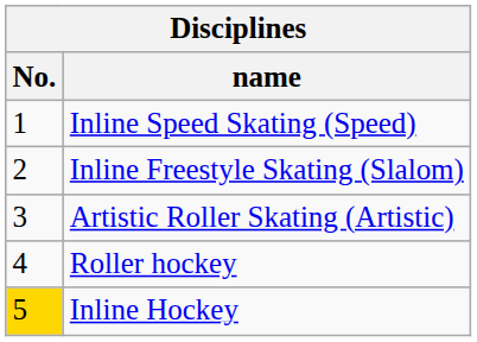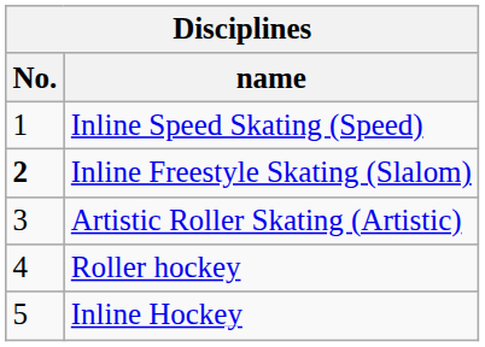 <table class="wikitable">
 <tr>
 <th colspan="2">Disciplines</th>
 </tr>
 <tr>
 <th>No.</th>
 <th>name</th>
 </tr>
 <tr>
 <td>1</td>
 <td><a href='#'>Inline Speed Skating (Speed)</a></td>
 </tr>
 <tr>
-<td>2</td>
+<td><strong>2</strong></td>
 <td><a href='#'>Inline Freestyle Skating (Slalom)</a></td>
 </tr>
 <tr>
 <td>3</td>
 <td><a href='#'>Artistic Roller Skating (Artistic)</a></td>
 </tr>
 <tr>
 <td>4</td>
 <td><a href='#'>Roller hockey</a></td>
 </tr>
 <tr>
-<td style="background: gold;">5</td>
+<td>5</td>
 <td><a href='#'>Inline Hockey</a></td>
 </tr>
 </table>
